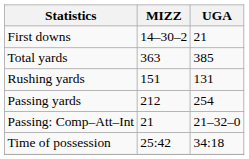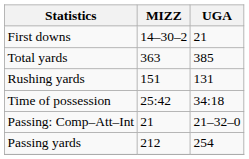 <table class="wikitable" style="float: left;">
 <tr>
 <th>Statistics</th>
 <th>MIZZ</th>
 <th>UGA</th>
 </tr>
 <tr>
 <td>First downs</td>
 <td>14–30–2</td>
 <td>21</td>
 </tr>
 <tr>
 <td>Total yards</td>
 <td>363</td>
 <td>385</td>
 </tr>
 <tr>
 <td>Rushing yards</td>
 <td>151</td>
 <td>131</td>
 </tr>
 <tr>
-<td>Passing yards</td>
-<td>212</td>
-<td>254</td>
+<td>Time of possession</td>
+<td>25:42</td>
+<td>34:18</td>
 </tr>
 <tr>
 <td>Passing: Comp–Att–Int</td>
 <td>21</td>
 <td>21–32–0</td>
 </tr>
 <tr>
-<td>Time of possession</td>
-<td>25:42</td>
-<td>34:18</td>
+<td>Passing yards</td>
+<td>212</td>
+<td>254</td>
 </tr>
 <tr>
 </tr>
 </table>
